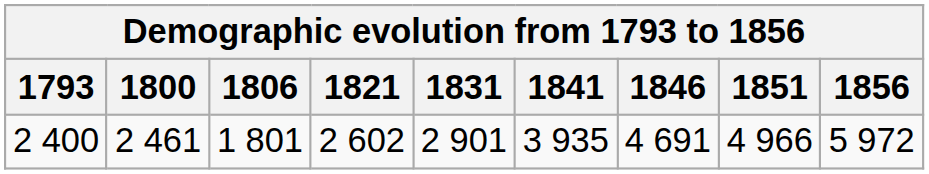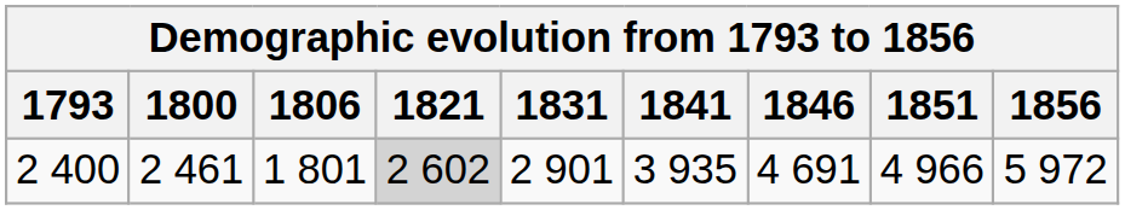 <table class="wikitable">
 <tr>
 <th colspan="9">Demographic evolution from 1793 to 1856</th>
 </tr>
 <tr>
 <th>1793</th>
 <th>1800</th>
 <th>1806</th>
 <th>1821</th>
 <th>1831</th>
 <th>1841</th>
 <th>1846</th>
 <th>1851</th>
 <th>1856</th>
 </tr>
 <tr>
 <td>2 400</td>
 <td>2 461</td>
 <td>1 801</td>
-<td>2 602</td>
+<td style="background: lightgrey;">2 602</td>
 <td>2 901</td>
 <td>3 935</td>
 <td>4 691</td>
 <td>4 966</td>
 <td>5 972</td>
 </tr>
 </table>
